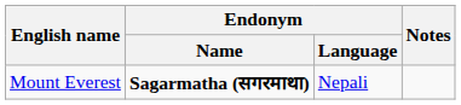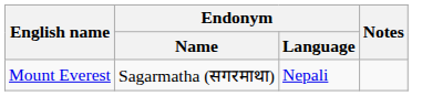 <table class="wikitable sortable mw-collapsible">
 <tr>
 <th rowspan="2">English name</th>
 <th colspan="2">Endonym</th>
 <th rowspan="2">Notes</th>
 </tr>
 <tr>
 <th>Name</th>
 <th>Language</th>
 </tr>
 <tr>
 <td><a href='#'>Mount Everest</a></td>
-<td><strong>Sagarmatha (सगरमाथा)</strong></td>
+<td>Sagarmatha (सगरमाथा)</td>
 <td><a href='#'>Nepali</a></td>
 <td></td>
 </tr>
 </table>
